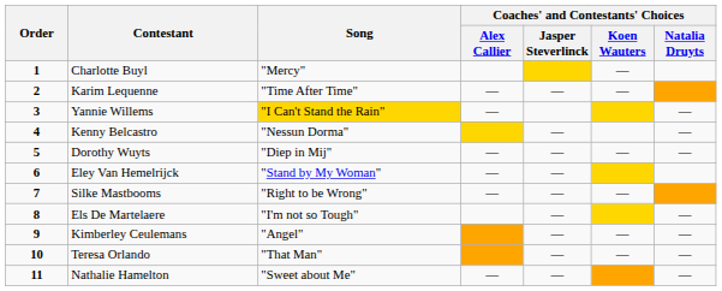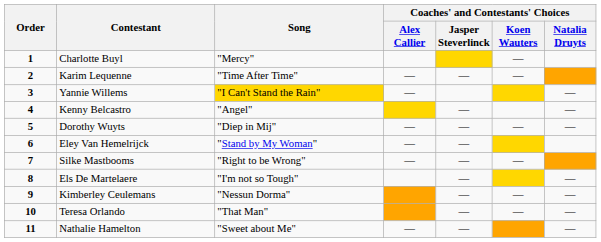 <table class="wikitable" style="width:100%;">
 <tr>
 <th rowspan=2>Order</th>
 <th rowspan=2>Contestant</th>
 <th rowspan=2>Song</th>
 <th colspan=4>Coaches' and Contestants' Choices</th>
 </tr>
 <tr>
 <th width="70"><a href='#'>Alex Callier</a></th>
 <th width="70">Jasper Steverlinck</th>
 <th width="70"><a href='#'>Koen Wauters</a></th>
 <th width="70"><a href='#'>Natalia Druyts</a></th>
 </tr>
 <tr>
 <td align="center"><strong>1</strong></td>
 <td>Charlotte Buyl</td>
 <td>"Mercy"</td>
 <td style="text-align:center;"></td>
 <td style="background:gold;text-align:center;"></td>
 <td align="center">—</td>
 <td style="text-align:center;"></td>
 </tr>
 <tr>
 <td align="center"><strong>2</strong></td>
 <td>Karim Lequenne</td>
 <td>"Time After Time"</td>
 <td align="center">—</td>
 <td align="center">—</td>
 <td align="center">—</td>
 <td style="background:orange;text-align:center;"></td>
 </tr>
 <tr>
 <td align="center"><strong>3</strong></td>
 <td>Yannie Willems</td>
 <td style="background: gold;">"I Can't Stand the Rain"</td>
 <td align="center">—</td>
 <td style="text-align:center;"></td>
 <td style="background:gold;text-align:center;"></td>
 <td align="center">—</td>
 </tr>
 <tr>
 <td align="center"><strong>4</strong></td>
 <td>Kenny Belcastro</td>
-<td>"Nessun Dorma"</td>
+<td>"Angel"</td>
 <td style="background:gold;text-align:center;"></td>
 <td align="center">—</td>
 <td style="text-align:center;"></td>
 <td align="center">—</td>
 </tr>
 <tr>
 <td align="center"><strong>5</strong></td>
 <td>Dorothy Wuyts</td>
 <td>"Diep in Mij"</td>
 <td align="center">—</td>
 <td align="center">—</td>
 <td align="center">—</td>
 <td align="center">—</td>
 </tr>
 <tr>
 <td align="center"><strong>6</strong></td>
 <td>Eley Van Hemelrijck</td>
 <td>"<a href='#'>Stand by My Woman</a>"</td>
 <td align="center">—</td>
 <td align="center">—</td>
 <td style="background:gold;text-align:center;"></td>
 <td style="text-align:center;"></td>
 </tr>
 <tr>
 <td align="center"><strong>7</strong></td>
 <td>Silke Mastbooms</td>
 <td>"Right to be Wrong"</td>
 <td align="center">—</td>
 <td align="center">—</td>
 <td align="center">—</td>
 <td style="background:orange;text-align:center;"></td>
 </tr>
 <tr>
 <td align="center"><strong>8</strong></td>
 <td>Els De Martelaere</td>
 <td>"I'm not so Tough"</td>
 <td style="text-align:center;"></td>
 <td align="center">—</td>
 <td style="background:gold;text-align:center;"></td>
 <td align="center">—</td>
 </tr>
 <tr>
 <td align="center"><strong>9</strong></td>
 <td>Kimberley Ceulemans</td>
-<td>"Angel"</td>
+<td>"Nessun Dorma"</td>
 <td style="background:orange;text-align:center;"></td>
 <td align="center">—</td>
 <td align="center">—</td>
 <td align="center">—</td>
 </tr>
 <tr>
 <td align="center"><strong>10</strong></td>
 <td>Teresa Orlando</td>
 <td>"That Man"</td>
 <td style="background:orange;text-align:center;"></td>
 <td align="center">—</td>
 <td align="center">—</td>
 <td align="center">—</td>
 </tr>
 <tr>
 <td align="center"><strong>11</strong></td>
 <td>Nathalie Hamelton</td>
 <td>"Sweet about Me"</td>
 <td align="center">—</td>
 <td align="center">—</td>
 <td style="background:orange;text-align:center;"></td>
 <td align="center">—</td>
 </tr>
 </table>
